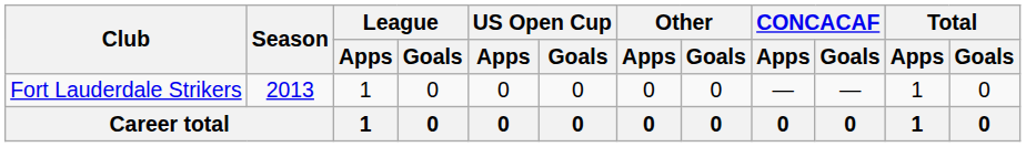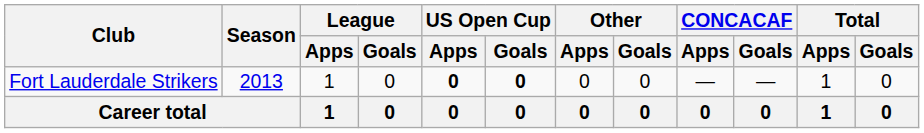 <table class="wikitable" style="font-size:90%; text-align:center;">
 <tr>
 <th rowspan="2">Club</th>
 <th rowspan="2">Season</th>
 <th colspan="2">League</th>
 <th colspan="2">US Open Cup</th>
 <th colspan="2">Other</th>
 <th colspan="2"><a href='#'>CONCACAF</a></th>
 <th colspan="2">Total</th>
 </tr>
 <tr>
 <th>Apps</th>
 <th>Goals</th>
 <th>Apps</th>
 <th>Goals</th>
 <th>Apps</th>
 <th>Goals</th>
 <th>Apps</th>
 <th>Goals</th>
 <th>Apps</th>
 <th>Goals</th>
 </tr>
 <tr>
 <td rowspan="1"><a href='#'>Fort Lauderdale Strikers</a></td>
 <td><a href='#'>2013</a></td>
 <td>1</td>
 <td>0</td>
-<td>0</td>
-<td>0</td>
+<td><strong>0</strong></td>
+<td><strong>0</strong></td>
 <td>0</td>
 <td>0</td>
 <td>—</td>
 <td>—</td>
 <td>1</td>
 <td>0</td>
 </tr>
 <tr>
 <th colspan="2">Career total</th>
 <th>1</th>
 <th>0</th>
 <th>0</th>
 <th>0</th>
 <th>0</th>
 <th>0</th>
 <th>0</th>
 <th>0</th>
 <th>1</th>
 <th>0</th>
 </tr>
 </table>
